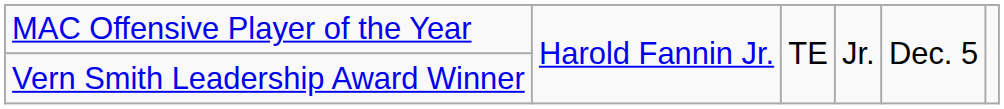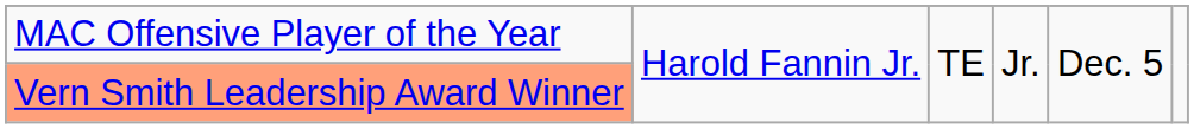 <table class="wikitable">
 <tr>
 <td><a href='#'>MAC Offensive Player of the Year</a></td>
 <td rowspan=2><a href='#'>Harold Fannin Jr.</a></td>
 <td rowspan=2>TE</td>
 <td rowspan=2>Jr.</td>
 <td rowspan=2>Dec. 5</td>
 <td rowspan=2></td>
 </tr>
 <tr>
-<td><a href='#'>Vern Smith Leadership Award Winner</a></td>
+<td style="background: lightsalmon;"><a href='#'>Vern Smith Leadership Award Winner</a></td>
 </tr>
 </table>
